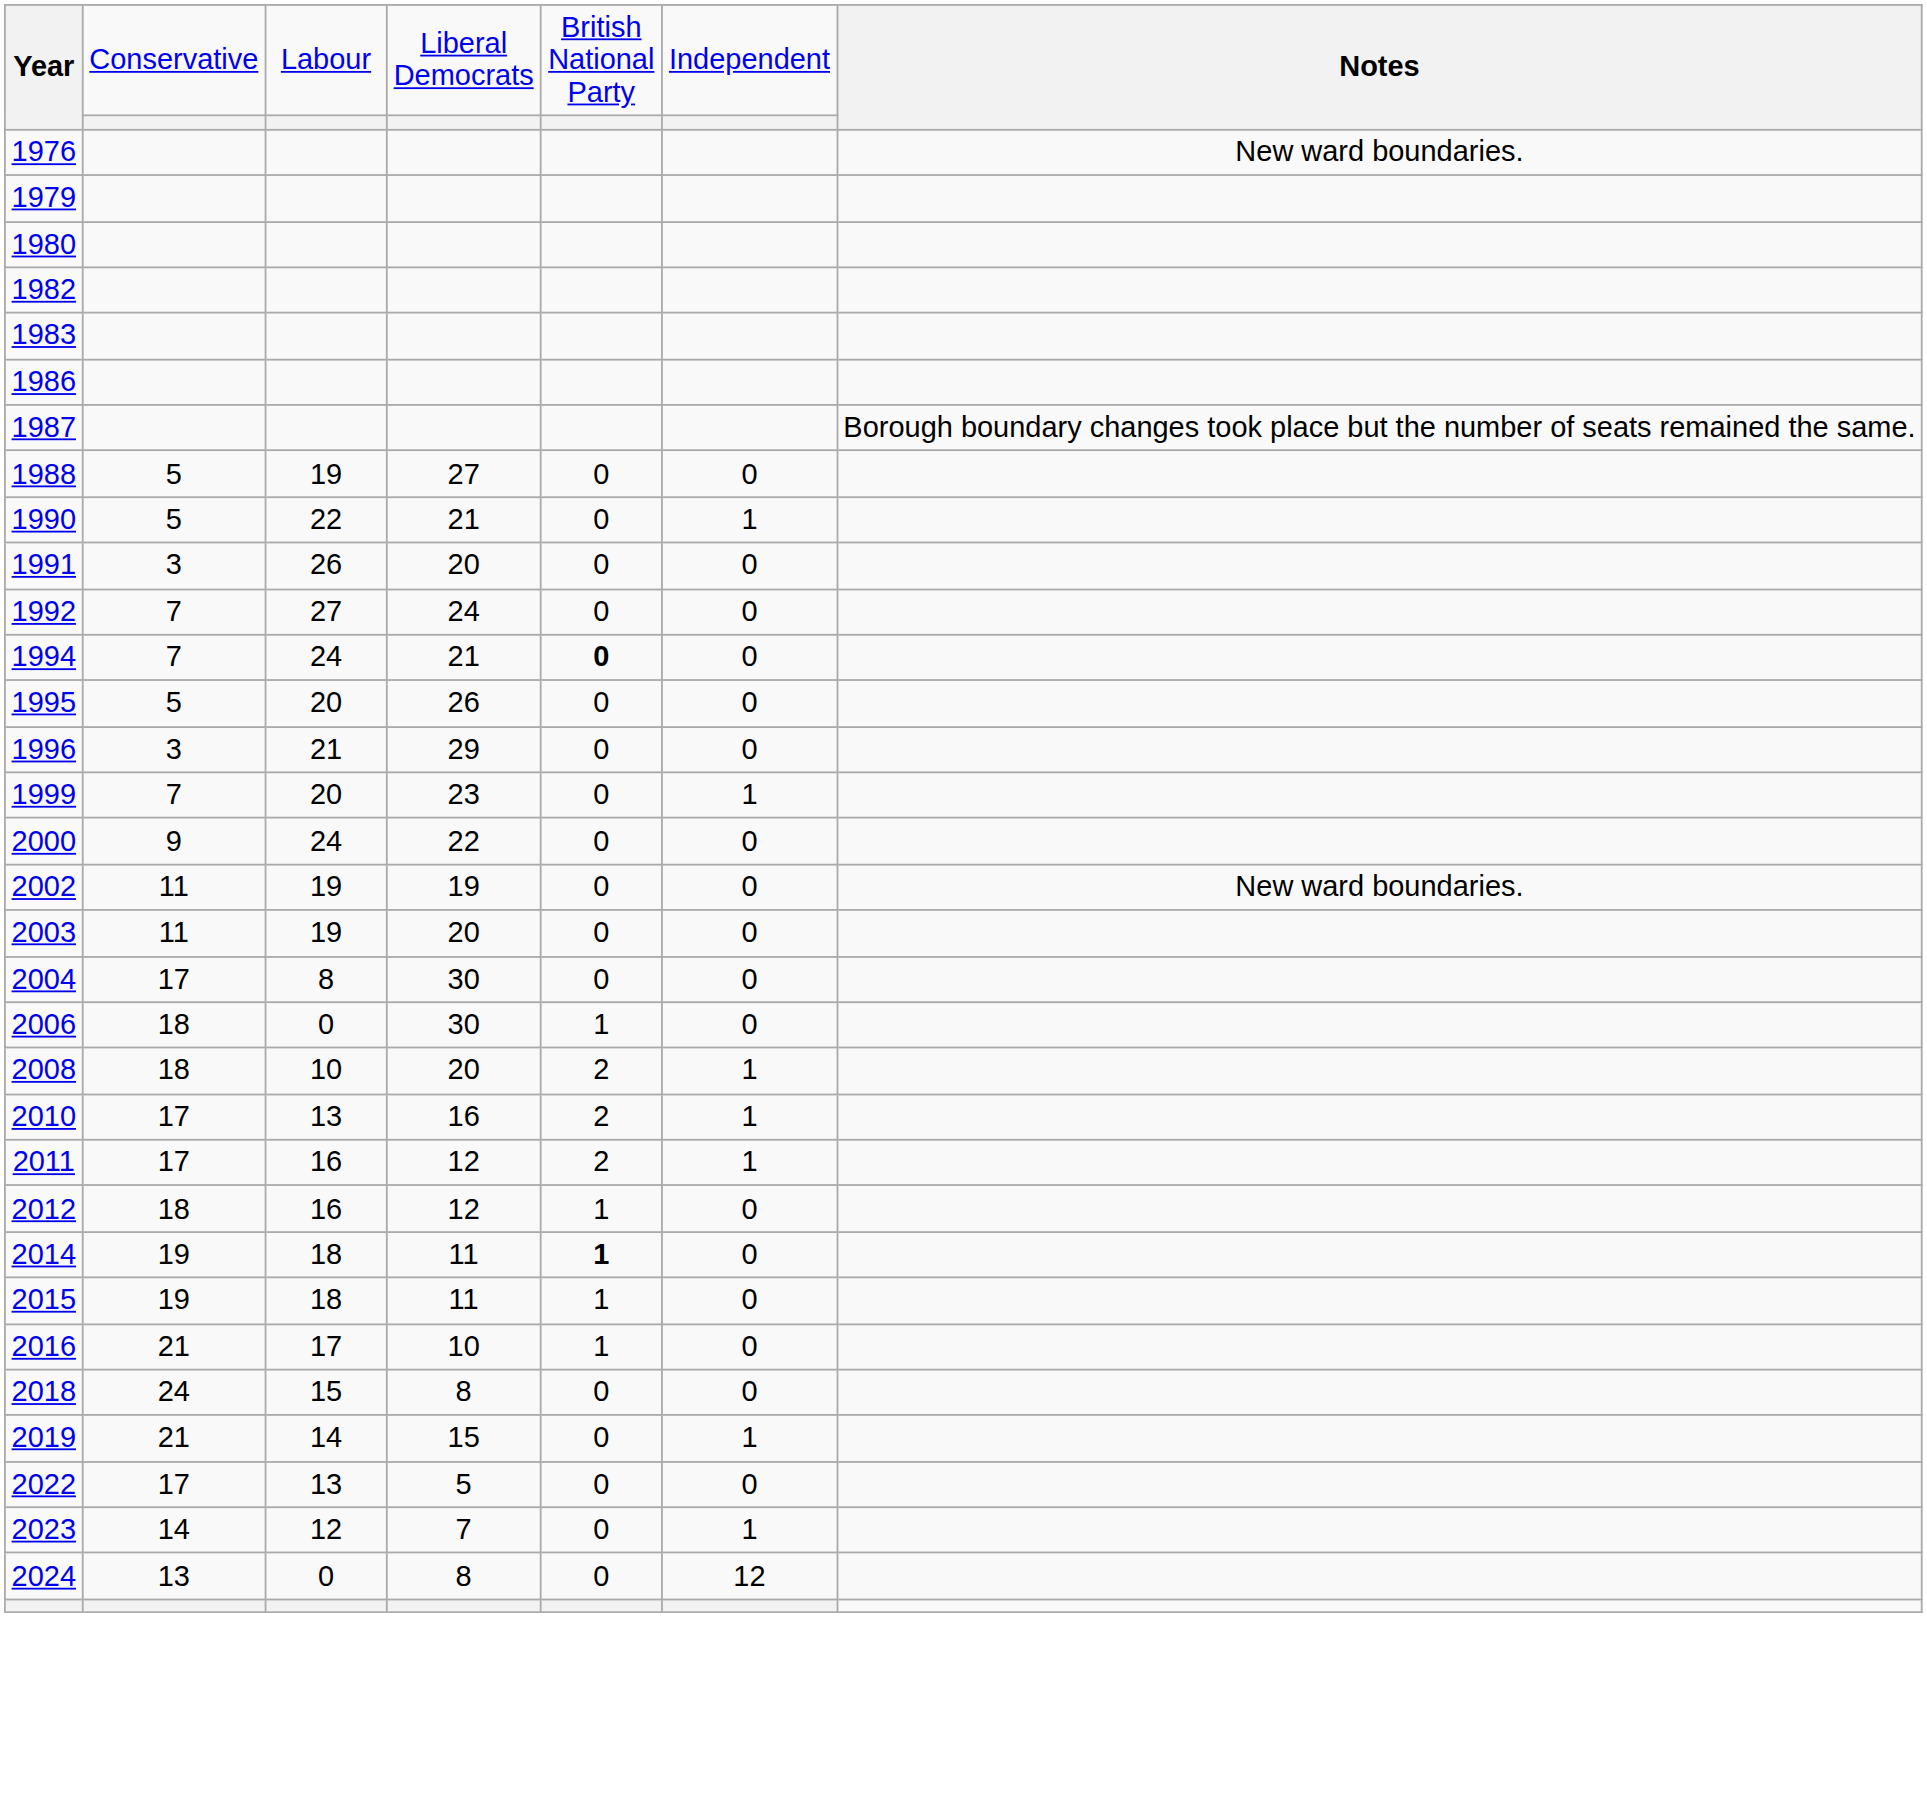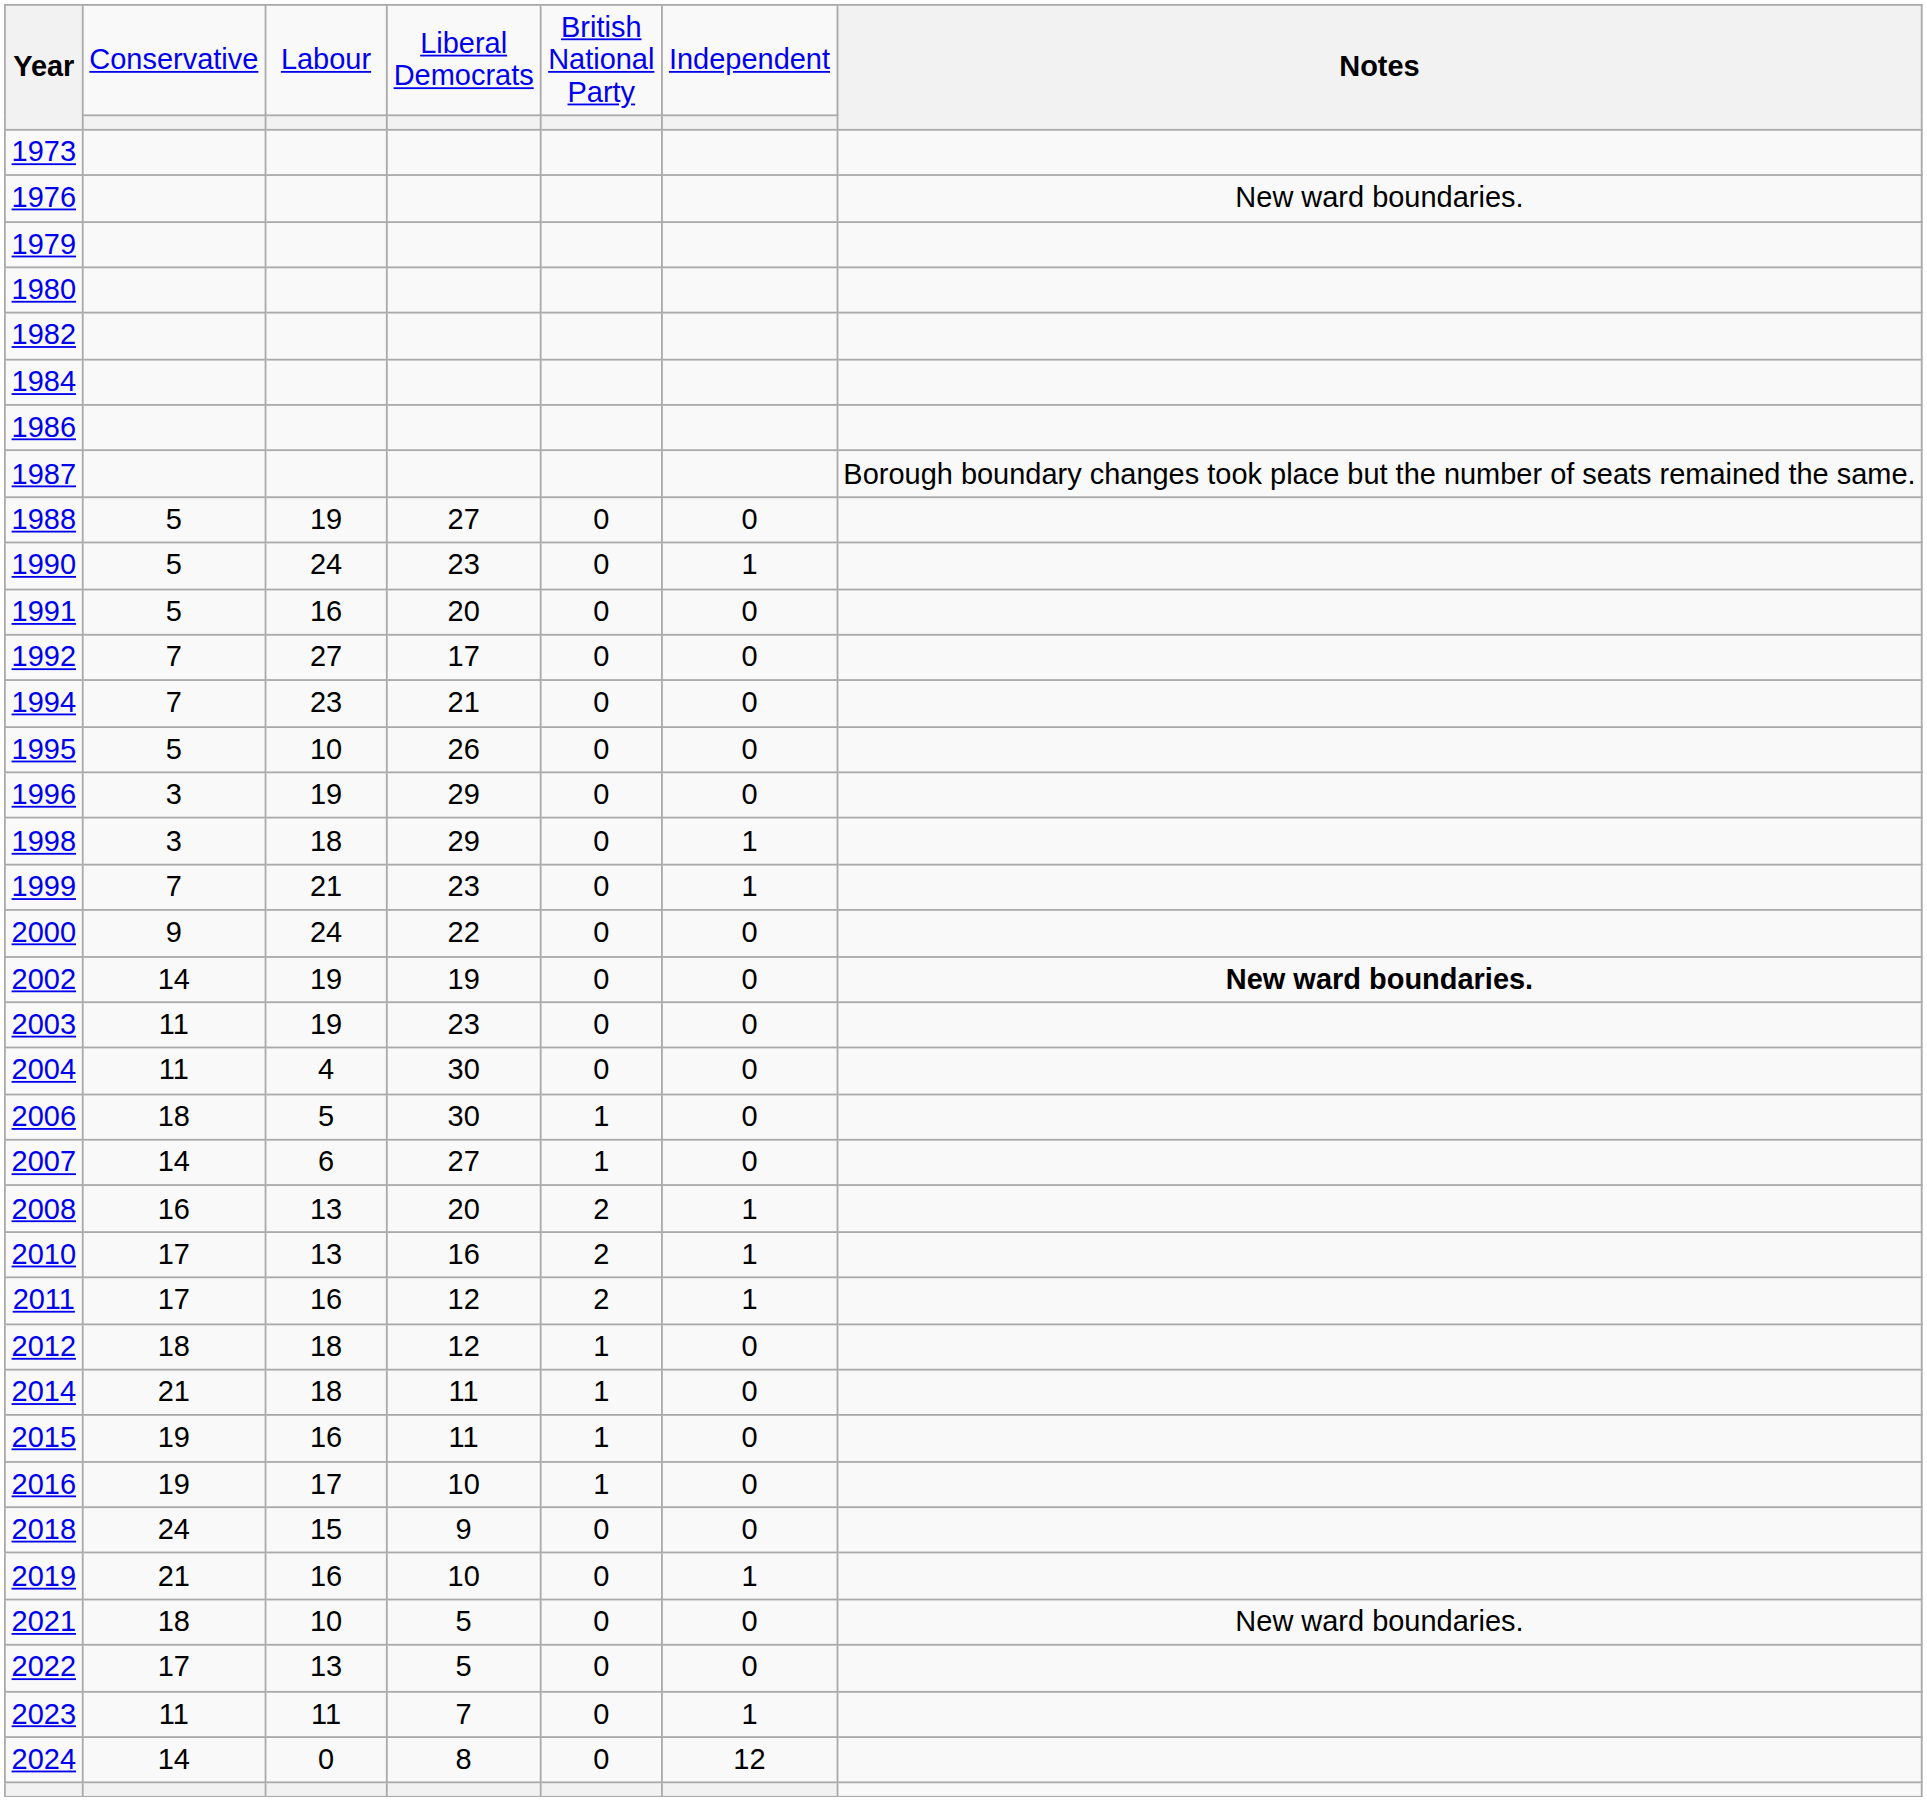 <table class=wikitable style=text-align:center>
 <tr>
 <th rowspan=2>Year</th>
 <td width="60"><a href='#'>Conservative</a></td>
 <td width="60"><a href='#'>Labour</a></td>
 <td width="60"><a href='#'>Liberal Democrats</a></td>
 <td width="60"><a href='#'>British National Party</a></td>
 <td width="60"><a href='#'>Independent</a></td>
 <th rowspan="2">Notes</th>
 </tr>
 <tr>
 <th style="background-color: "></th>
 <th style="background-color: "></th>
 <th style="background-color: "></th>
 <th style="background-color: "></th>
 <th style="background-color: "></th>
+</tr>
+<tr>
+<td><a href='#'>1973</a></td>
+<td></td>
+<td></td>
+<td></td>
+<td></td>
+<td></td>
+<td></td>
 </tr>
 <tr>
 <td><a href='#'>1976</a></td>
 <td></td>
 <td></td>
 <td></td>
 <td></td>
 <td></td>
 <td>New ward boundaries.</td>
 </tr>
 <tr>
 <td><a href='#'>1979</a></td>
 <td></td>
 <td></td>
 <td></td>
 <td></td>
 <td></td>
 <td></td>
 </tr>
 <tr>
 <td><a href='#'>1980</a></td>
 <td></td>
 <td></td>
 <td></td>
 <td></td>
 <td></td>
 <td></td>
 </tr>
 <tr>
 <td><a href='#'>1982</a></td>
 <td></td>
 <td></td>
 <td></td>
 <td></td>
 <td></td>
 <td></td>
 </tr>
 <tr>
-<td><a href='#'>1983</a></td>
+<td><a href='#'>1984</a></td>
 <td></td>
 <td></td>
 <td></td>
 <td></td>
 <td></td>
 <td></td>
 </tr>
 <tr>
 <td><a href='#'>1986</a></td>
 <td></td>
 <td></td>
 <td></td>
 <td></td>
 <td></td>
 <td></td>
 </tr>
 <tr>
 <td><a href='#'>1987</a></td>
 <td></td>
 <td></td>
 <td></td>
 <td></td>
 <td></td>
 <td>Borough boundary changes took place but the number of seats remained the same.</td>
 </tr>
 <tr>
 <td><a href='#'>1988</a></td>
 <td>5</td>
 <td>19</td>
 <td>27</td>
 <td>0</td>
 <td>0</td>
 <td></td>
 </tr>
 <tr>
 <td><a href='#'>1990</a></td>
 <td>5</td>
-<td>22</td>
-<td>21</td>
+<td>24</td>
+<td>23</td>
 <td>0</td>
 <td>1</td>
 <td></td>
 </tr>
 <tr>
 <td><a href='#'>1991</a></td>
-<td>3</td>
-<td>26</td>
+<td>5</td>
+<td>16</td>
 <td>20</td>
 <td>0</td>
 <td>0</td>
 <td></td>
 </tr>
 <tr>
 <td><a href='#'>1992</a></td>
 <td>7</td>
 <td>27</td>
-<td>24</td>
+<td>17</td>
 <td>0</td>
 <td>0</td>
 <td></td>
 </tr>
 <tr>
 <td><a href='#'>1994</a></td>
 <td>7</td>
-<td>24</td>
+<td>23</td>
 <td>21</td>
-<td><strong>0</strong></td>
+<td>0</td>
 <td>0</td>
 <td></td>
 </tr>
 <tr>
 <td><a href='#'>1995</a></td>
 <td>5</td>
-<td>20</td>
+<td>10</td>
 <td>26</td>
 <td>0</td>
 <td>0</td>
 <td></td>
 </tr>
 <tr>
 <td><a href='#'>1996</a></td>
 <td>3</td>
-<td>21</td>
+<td>19</td>
 <td>29</td>
 <td>0</td>
 <td>0</td>
 <td></td>
 </tr>
 <tr>
+<td><a href='#'>1998</a></td>
+<td>3</td>
+<td>18</td>
+<td>29</td>
+<td>0</td>
+<td>1</td>
+<td></td>
+</tr>
+<tr>
 <td><a href='#'>1999</a></td>
 <td>7</td>
-<td>20</td>
+<td>21</td>
 <td>23</td>
 <td>0</td>
 <td>1</td>
 <td></td>
 </tr>
 <tr>
 <td><a href='#'>2000</a></td>
 <td>9</td>
 <td>24</td>
 <td>22</td>
 <td>0</td>
 <td>0</td>
 <td></td>
 </tr>
 <tr>
 <td><a href='#'>2002</a></td>
-<td>11</td>
+<td>14</td>
 <td>19</td>
 <td>19</td>
 <td>0</td>
 <td>0</td>
-<td>New ward boundaries.</td>
+<td><strong>New ward boundaries.</strong></td>
 </tr>
 <tr>
 <td><a href='#'>2003</a></td>
 <td>11</td>
 <td>19</td>
-<td>20</td>
+<td>23</td>
 <td>0</td>
 <td>0</td>
 <td></td>
 </tr>
 <tr>
 <td><a href='#'>2004</a></td>
-<td>17</td>
-<td>8</td>
+<td>11</td>
+<td>4</td>
 <td>30</td>
 <td>0</td>
 <td>0</td>
 <td></td>
 </tr>
 <tr>
 <td><a href='#'>2006</a></td>
 <td>18</td>
-<td>0</td>
+<td>5</td>
 <td>30</td>
 <td>1</td>
 <td>0</td>
 <td></td>
 </tr>
 <tr>
+<td><a href='#'>2007</a></td>
+<td>14</td>
+<td>6</td>
+<td>27</td>
+<td>1</td>
+<td>0</td>
+<td></td>
+</tr>
+<tr>
 <td><a href='#'>2008</a></td>
-<td>18</td>
-<td>10</td>
+<td>16</td>
+<td>13</td>
 <td>20</td>
 <td>2</td>
 <td>1</td>
 <td></td>
 </tr>
 <tr>
 <td><a href='#'>2010</a></td>
 <td>17</td>
 <td>13</td>
 <td>16</td>
 <td>2</td>
 <td>1</td>
 <td></td>
 </tr>
 <tr>
 <td><a href='#'>2011</a></td>
 <td>17</td>
 <td>16</td>
 <td>12</td>
 <td>2</td>
 <td>1</td>
 <td></td>
 </tr>
 <tr>
 <td><a href='#'>2012</a></td>
 <td>18</td>
-<td>16</td>
+<td>18</td>
 <td>12</td>
 <td>1</td>
 <td>0</td>
 <td></td>
 </tr>
 <tr>
 <td><a href='#'>2014</a></td>
-<td>19</td>
-<td>18</td>
-<td>11</td>
-<td><strong>1</strong></td>
-<td>0</td>
-<td></td>
-</tr>
-<tr>
-<td><a href='#'>2015</a></td>
-<td>19</td>
+<td>21</td>
 <td>18</td>
 <td>11</td>
 <td>1</td>
 <td>0</td>
 <td></td>
 </tr>
 <tr>
+<td><a href='#'>2015</a></td>
+<td>19</td>
+<td>16</td>
+<td>11</td>
+<td>1</td>
+<td>0</td>
+<td></td>
+</tr>
+<tr>
 <td><a href='#'>2016</a></td>
-<td>21</td>
+<td>19</td>
 <td>17</td>
 <td>10</td>
 <td>1</td>
 <td>0</td>
 <td></td>
 </tr>
 <tr>
 <td><a href='#'>2018</a></td>
 <td>24</td>
 <td>15</td>
-<td>8</td>
+<td>9</td>
 <td>0</td>
 <td>0</td>
 <td></td>
 </tr>
 <tr>
 <td><a href='#'>2019</a></td>
 <td>21</td>
-<td>14</td>
-<td>15</td>
+<td>16</td>
+<td>10</td>
 <td>0</td>
 <td>1</td>
 <td></td>
+</tr>
+<tr>
+<td><a href='#'>2021</a></td>
+<td>18</td>
+<td>10</td>
+<td>5</td>
+<td>0</td>
+<td>0</td>
+<td>New ward boundaries.</td>
 </tr>
 <tr>
 <td><a href='#'>2022</a></td>
 <td>17</td>
 <td>13</td>
 <td>5</td>
 <td>0</td>
 <td>0</td>
 <td></td>
 </tr>
 <tr>
 <td><a href='#'>2023</a></td>
-<td>14</td>
-<td>12</td>
+<td>11</td>
+<td>11</td>
 <td>7</td>
 <td>0</td>
 <td>1</td>
 <td></td>
 </tr>
 <tr>
 <td><a href='#'>2024</a></td>
-<td>13</td>
+<td>14</td>
 <td>0</td>
 <td>8</td>
 <td>0</td>
 <td>12</td>
 <td></td>
 </tr>
 <tr>
 <th></th>
 <th style="background-color: "></th>
 <th style="background-color: "></th>
 <th style="background-color: "></th>
 <th style="background-color: "></th>
 <th style="background-color: "></th>
 <td></td>
 </tr>
 </table>
